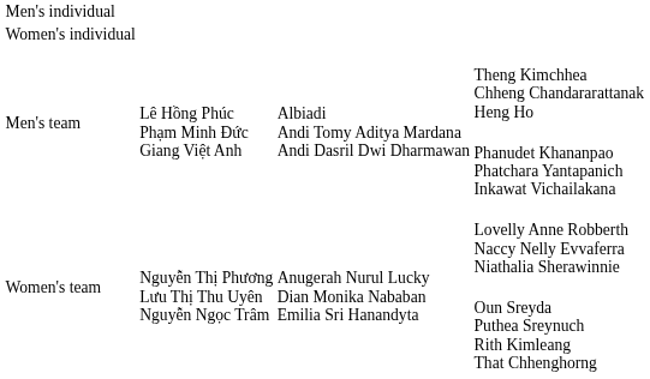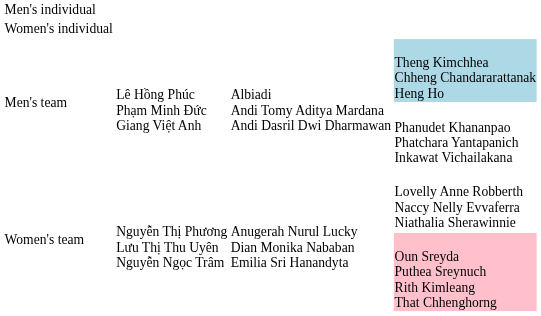 <table>
 <tr>
 <td rowspan=2>Men's individual</td>
 <td rowspan=2 nowrap></td>
 <td rowspan=2></td>
 <td></td>
 </tr>
 <tr>
 <td></td>
 </tr>
 <tr>
 <td rowspan=2>Women's individual</td>
 <td rowspan=2></td>
 <td rowspan=2></td>
 <td></td>
 </tr>
 <tr>
 <td nowrap></td>
 </tr>
 <tr>
 <td rowspan=2>Men's team</td>
 <td rowspan=2><br>Lê Hồng Phúc<br>Phạm Minh Đức<br>Giang Việt Anh</td>
 <td rowspan=2 nowrap><br>Albiadi<br>Andi Tomy Aditya Mardana<br>Andi Dasril Dwi Dharmawan</td>
-<td><br>Theng Kimchhea<br>Chheng Chandararattanak<br>Heng Ho</td>
+<td style="background: lightblue;"><br>Theng Kimchhea<br>Chheng Chandararattanak<br>Heng Ho</td>
 </tr>
 <tr>
 <td><br>Phanudet Khananpao<br>Phatchara Yantapanich<br>Inkawat Vichailakana</td>
 </tr>
 <tr>
 <td rowspan=2>Women's team</td>
 <td rowspan=2><br>Nguyễn Thị Phương<br>Lưu Thị Thu Uyên<br>Nguyễn Ngọc Trâm</td>
 <td rowspan=2><br>Anugerah Nurul Lucky<br>Dian Monika Nababan<br>Emilia Sri Hanandyta</td>
 <td><br>Lovelly Anne Robberth<br>Naccy Nelly Evvaferra<br>Niathalia Sherawinnie</td>
 </tr>
 <tr>
-<td><br>Oun Sreyda<br>Puthea Sreynuch<br>Rith Kimleang<br>That Chhenghorng</td>
+<td style="background: pink;"><br>Oun Sreyda<br>Puthea Sreynuch<br>Rith Kimleang<br>That Chhenghorng</td>
 </tr>
 </table>
